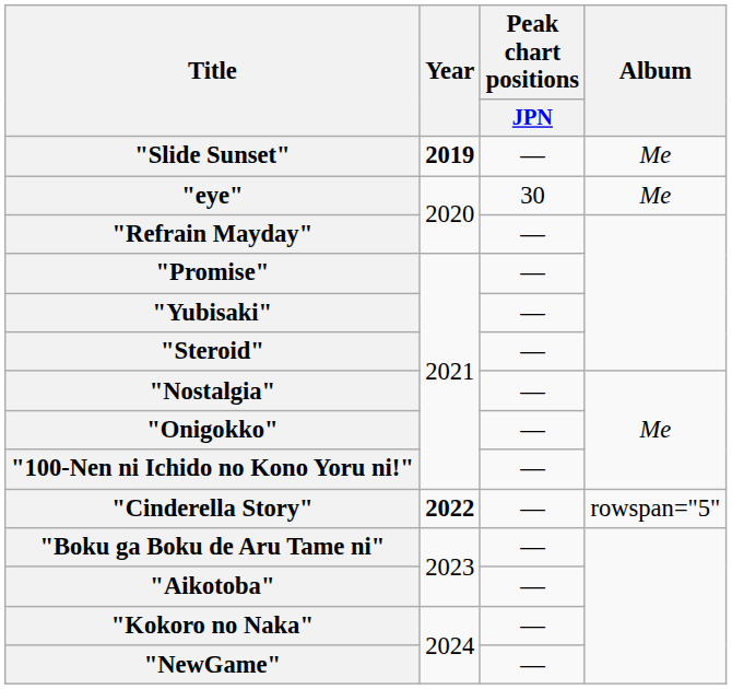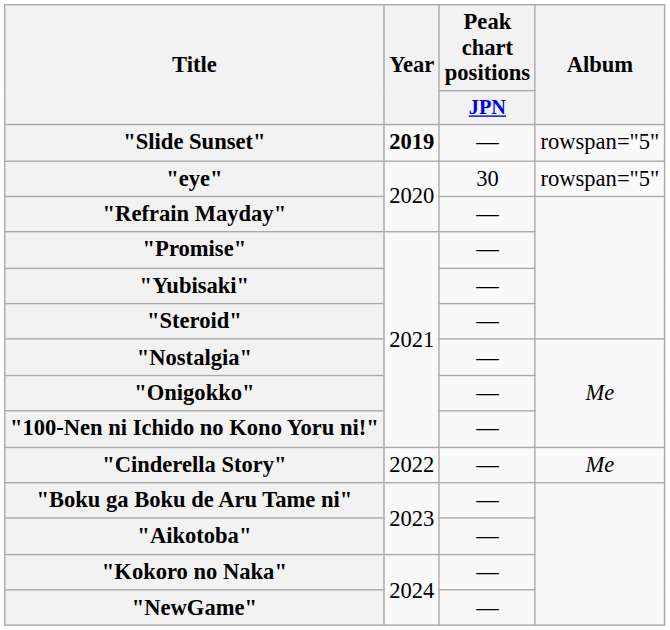 <table class="wikitable plainrowheaders" style="text-align:center;">
 <tr>
 <th scope="col" rowspan="2">Title</th>
 <th scope="col" rowspan="2">Year</th>
 <th scope="col" colspan="1">Peak chart positions</th>
 <th scope="col" rowspan="2">Album</th>
 </tr>
 <tr>
 <th style="width:3em;font-size:90%"><a href='#'>JPN</a><br></th>
 </tr>
 <tr>
 <th scope="row">"Slide Sunset"</th>
 <td><strong>2019</strong></td>
 <td>—</td>
-<td><em>Me</em></td>
+<td>rowspan="5" </td>
 </tr>
 <tr>
 <th scope="row">"eye"</th>
 <td rowspan="2">2020</td>
 <td>30</td>
-<td><em>Me</em></td>
+<td>rowspan="5" </td>
 </tr>
 <tr>
 <th scope="row">"Refrain Mayday"</th>
 <td>—</td>
 </tr>
 <tr>
 <th scope="row">"Promise"</th>
 <td rowspan="6">2021</td>
 <td>—</td>
 </tr>
 <tr>
 <th scope="row">"Yubisaki"</th>
 <td>—</td>
 </tr>
 <tr>
 <th scope="row">"Steroid"</th>
 <td>—</td>
 </tr>
 <tr>
 <th scope="row">"Nostalgia"</th>
 <td>—</td>
 <td rowspan="3"><em>Me</em></td>
 </tr>
 <tr>
 <th scope="row">"Onigokko"</th>
 <td>—</td>
 </tr>
 <tr>
 <th scope="row">"100-Nen ni Ichido no Kono Yoru ni!"</th>
 <td>—</td>
 </tr>
 <tr>
 <th scope="row">"Cinderella Story"</th>
-<td><strong>2022</strong></td>
+<td>2022</td>
 <td>—</td>
-<td>rowspan="5" </td>
+<td><em>Me</em></td>
 </tr>
 <tr>
 <th scope="row">"Boku ga Boku de Aru Tame ni"</th>
 <td rowspan="2">2023</td>
 <td>—</td>
 </tr>
 <tr>
 <th scope="row">"Aikotoba"</th>
 <td>—</td>
 </tr>
 <tr>
 <th scope="row">"Kokoro no Naka"</th>
 <td rowspan="2">2024</td>
 <td>—</td>
 </tr>
 <tr>
 <th scope="row">"NewGame"</th>
 <td>—</td>
 </tr>
 </table>
